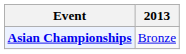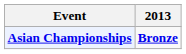 <table class="wikitable" style="font-size: 90%; text-align:center">
 <tr>
 <th>Event</th>
 <th>2013</th>
 </tr>
 <tr>
 <td bgcolor="#ECF2FF"; align="left"><strong><a href='#'>Asian Championships</a></strong></td>
-<td> <a href='#'>Bronze</a></td>
+<td><strong> <a href='#'>Bronze</a></strong></td>
 </tr>
 </table>
